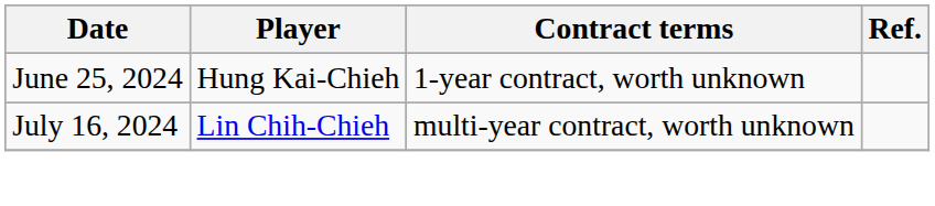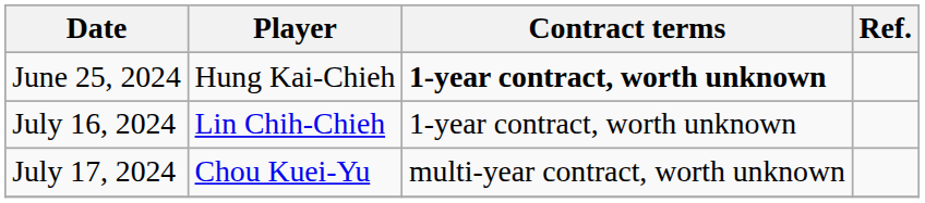 <table class="wikitable">
 <tr>
 <th>Date</th>
 <th>Player</th>
 <th>Contract terms</th>
 <th>Ref.</th>
 </tr>
 <tr>
 <td>June 25, 2024</td>
 <td>Hung Kai-Chieh</td>
-<td>1-year contract, worth unknown</td>
+<td><strong>1-year contract, worth unknown</strong></td>
 <td></td>
 </tr>
 <tr>
 <td>July 16, 2024</td>
 <td><a href='#'>Lin Chih-Chieh</a></td>
+<td>1-year contract, worth unknown</td>
+<td></td>
+</tr>
+<tr>
+<td>July 17, 2024</td>
+<td><a href='#'>Chou Kuei-Yu</a></td>
 <td>multi-year contract, worth unknown</td>
 <td></td>
 </tr>
 <tr>
 </tr>
 </table>
